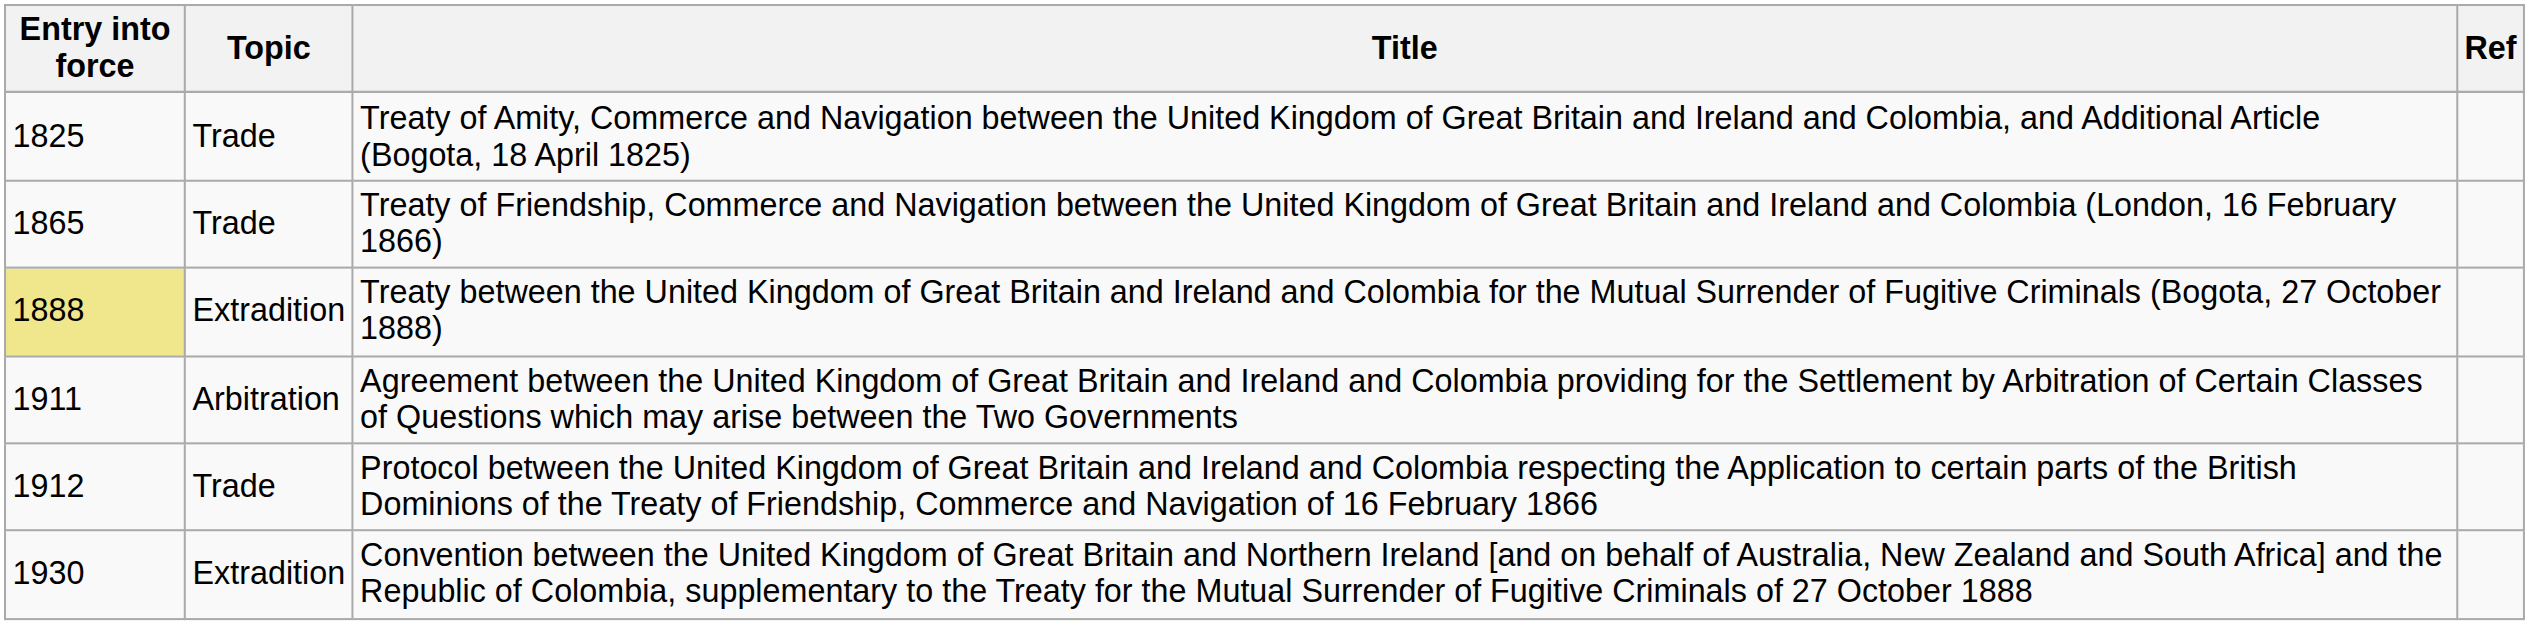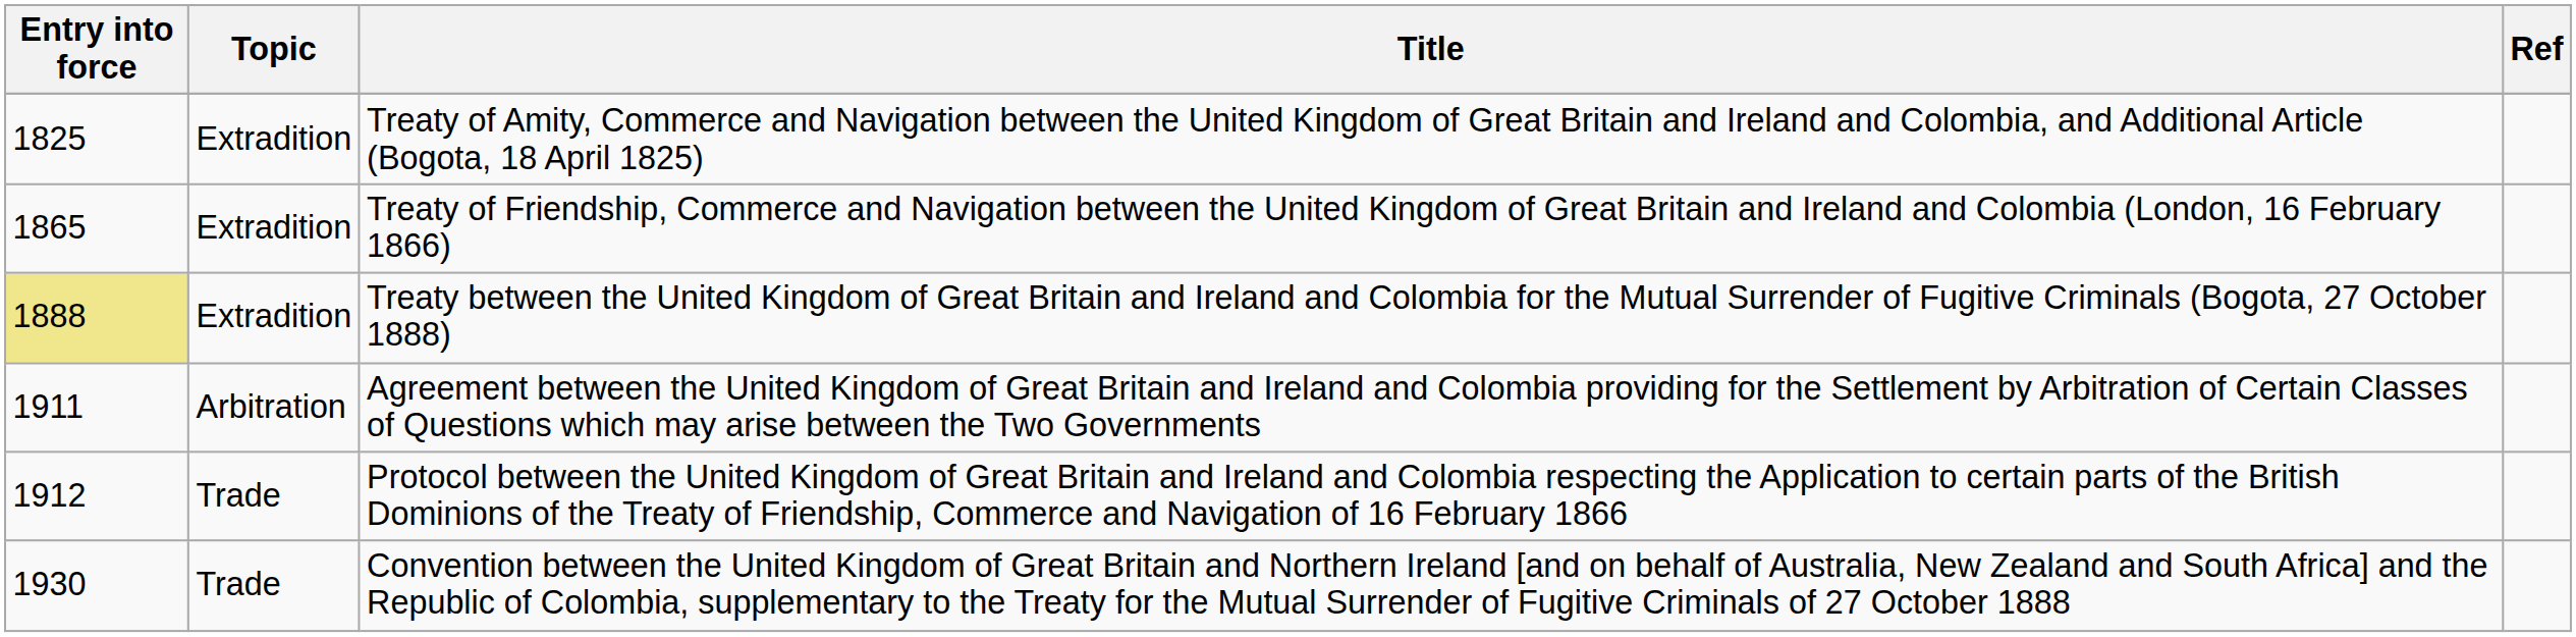 <table class="wikitable sortable">
 <tr>
 <th>Entry into force</th>
 <th>Topic</th>
 <th>Title</th>
 <th>Ref</th>
 </tr>
 <tr>
 </tr>
 <tr>
 <td>1825</td>
-<td>Trade</td>
+<td>Extradition</td>
 <td>Treaty of Amity, Commerce and Navigation between the United Kingdom of Great Britain and Ireland and Colombia, and Additional Article (Bogota, 18 April 1825)</td>
 <td></td>
 </tr>
 <tr>
 <td>1865</td>
-<td>Trade</td>
+<td>Extradition</td>
 <td>Treaty of Friendship, Commerce and Navigation between the United Kingdom of Great Britain and Ireland and Colombia (London, 16 February 1866)</td>
 <td></td>
 </tr>
 <tr>
 <td style="background: khaki;">1888</td>
 <td>Extradition</td>
 <td>Treaty between the United Kingdom of Great Britain and Ireland and Colombia for the Mutual Surrender of Fugitive Criminals (Bogota, 27 October 1888)</td>
 <td></td>
 </tr>
 <tr>
 <td>1911</td>
 <td>Arbitration</td>
 <td>Agreement between the United Kingdom of Great Britain and Ireland and Colombia providing for the Settlement by Arbitration of Certain Classes of Questions which may arise between the Two Governments</td>
 <td></td>
 </tr>
 <tr>
 <td>1912</td>
 <td>Trade</td>
 <td>Protocol between the United Kingdom of Great Britain and Ireland and Colombia respecting the Application to certain parts of the British Dominions of the Treaty of Friendship, Commerce and Navigation of 16 February 1866</td>
 <td></td>
 </tr>
 <tr>
 <td>1930</td>
-<td>Extradition</td>
+<td>Trade</td>
 <td>Convention between the United Kingdom of Great Britain and Northern Ireland [and on behalf of Australia, New Zealand and South Africa] and the Republic of Colombia, supplementary to the Treaty for the Mutual Surrender of Fugitive Criminals of 27 October 1888</td>
 <td></td>
 </tr>
 </table>
